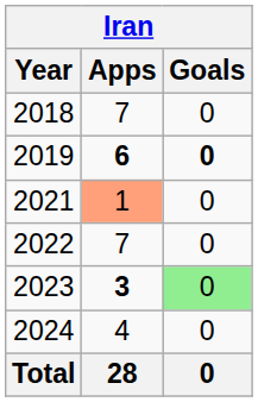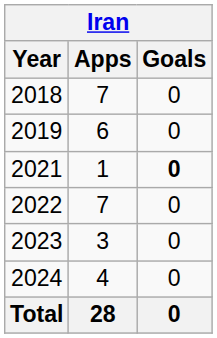 <table class="wikitable" style="text-align:center">
 <tr>
 <th colspan=6><a href='#'>Iran</a></th>
 </tr>
 <tr>
 <th>Year</th>
 <th>Apps</th>
 <th>Goals</th>
 </tr>
 <tr>
 <td>2018</td>
 <td>7</td>
 <td>0</td>
 </tr>
 <tr>
 <td>2019</td>
-<td><strong>6</strong></td>
-<td><strong>0</strong></td>
+<td>6</td>
+<td>0</td>
 </tr>
 <tr>
 <td>2021</td>
-<td style="background: lightsalmon;">1</td>
-<td>0</td>
+<td>1</td>
+<td><strong>0</strong></td>
 </tr>
 <tr>
 <td>2022</td>
 <td>7</td>
 <td>0</td>
 </tr>
 <tr>
 <td>2023</td>
-<td><strong>3</strong></td>
-<td style="background: lightgreen;">0</td>
+<td>3</td>
+<td>0</td>
 </tr>
 <tr>
 <td>2024</td>
 <td>4</td>
 <td>0</td>
 </tr>
 <tr>
 <th>Total</th>
 <th>28</th>
 <th>0</th>
 </tr>
 </table>
